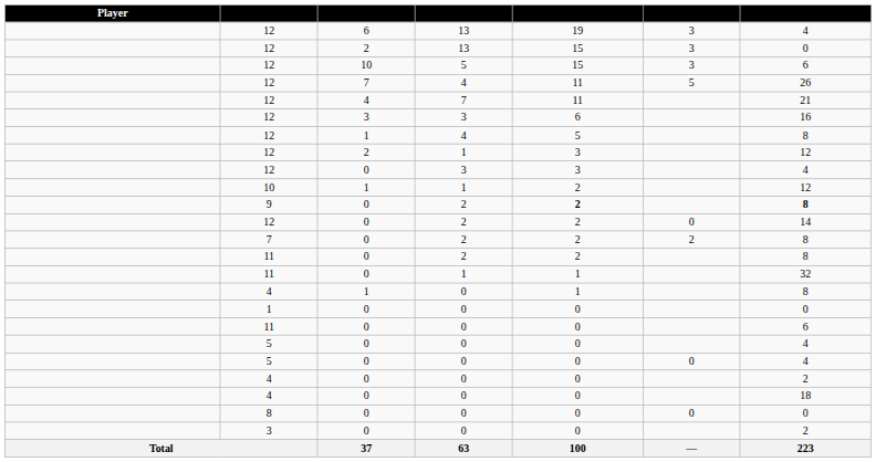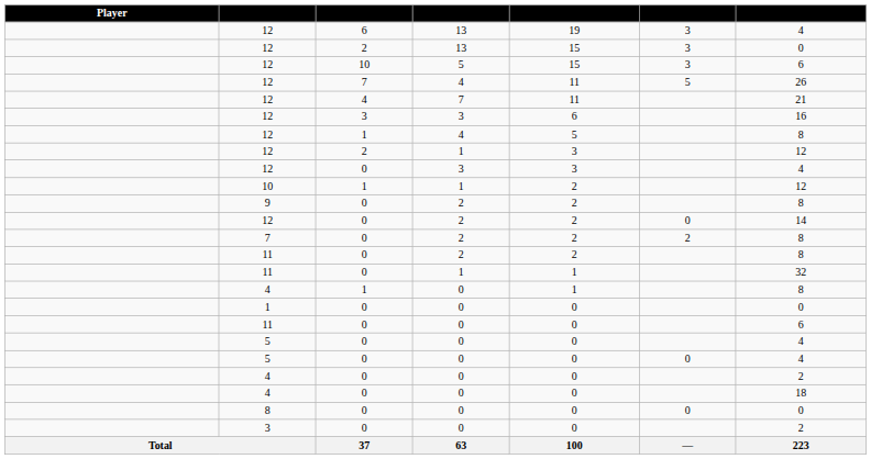 <table class="wikitable sortable" style="width:100%; text-align:center;">
 <tr>
 <th style="color:white; background:#000000; ">Player</th>
 <th style="color:white; background:#000000; "></th>
 <th style="color:white; background:#000000; "></th>
 <th style="color:white; background:#000000; "></th>
 <th style="color:white; background:#000000; "></th>
 <th style="color:white; background:#000000; "></th>
 <th style="color:white; background:#000000; "></th>
 </tr>
 <tr>
 <td></td>
 <td>12</td>
 <td>6</td>
 <td>13</td>
 <td>19</td>
 <td>3</td>
 <td>4</td>
 </tr>
 <tr>
 <td></td>
 <td>12</td>
 <td>2</td>
 <td>13</td>
 <td>15</td>
 <td>3</td>
 <td>0</td>
 </tr>
 <tr>
 <td></td>
 <td>12</td>
 <td>10</td>
 <td>5</td>
 <td>15</td>
 <td>3</td>
 <td>6</td>
 </tr>
 <tr>
 <td></td>
 <td>12</td>
 <td>7</td>
 <td>4</td>
 <td>11</td>
 <td>5</td>
 <td>26</td>
 </tr>
 <tr>
 <td></td>
 <td>12</td>
 <td>4</td>
 <td>7</td>
 <td>11</td>
 <td></td>
 <td>21</td>
 </tr>
 <tr>
 <td></td>
 <td>12</td>
 <td>3</td>
 <td>3</td>
 <td>6</td>
 <td></td>
 <td>16</td>
 </tr>
 <tr>
 <td></td>
 <td>12</td>
 <td>1</td>
 <td>4</td>
 <td>5</td>
 <td></td>
 <td>8</td>
 </tr>
 <tr>
 <td></td>
 <td>12</td>
 <td>2</td>
 <td>1</td>
 <td>3</td>
 <td></td>
 <td>12</td>
 </tr>
 <tr>
 <td></td>
 <td>12</td>
 <td>0</td>
 <td>3</td>
 <td>3</td>
 <td></td>
 <td>4</td>
 </tr>
 <tr>
 <td></td>
 <td>10</td>
 <td>1</td>
 <td>1</td>
 <td>2</td>
 <td></td>
 <td>12</td>
 </tr>
 <tr>
 <td></td>
 <td>9</td>
 <td>0</td>
 <td>2</td>
-<td><strong>2</strong></td>
+<td>2</td>
 <td></td>
-<td><strong>8</strong></td>
+<td>8</td>
 </tr>
 <tr>
 <td></td>
 <td>12</td>
 <td>0</td>
 <td>2</td>
 <td>2</td>
 <td>0</td>
 <td>14</td>
 </tr>
 <tr>
 <td></td>
 <td>7</td>
 <td>0</td>
 <td>2</td>
 <td>2</td>
 <td>2</td>
 <td>8</td>
 </tr>
 <tr>
 <td></td>
 <td>11</td>
 <td>0</td>
 <td>2</td>
 <td>2</td>
 <td></td>
 <td>8</td>
 </tr>
 <tr>
 <td></td>
 <td>11</td>
 <td>0</td>
 <td>1</td>
 <td>1</td>
 <td></td>
 <td>32</td>
 </tr>
 <tr>
 <td></td>
 <td>4</td>
 <td>1</td>
 <td>0</td>
 <td>1</td>
 <td></td>
 <td>8</td>
 </tr>
 <tr>
 <td></td>
 <td>1</td>
 <td>0</td>
 <td>0</td>
 <td>0</td>
 <td></td>
 <td>0</td>
 </tr>
 <tr>
 <td></td>
 <td>11</td>
 <td>0</td>
 <td>0</td>
 <td>0</td>
 <td></td>
 <td>6</td>
 </tr>
 <tr>
 <td></td>
 <td>5</td>
 <td>0</td>
 <td>0</td>
 <td>0</td>
 <td></td>
 <td>4</td>
 </tr>
 <tr>
 <td></td>
 <td>5</td>
 <td>0</td>
 <td>0</td>
 <td>0</td>
 <td>0</td>
 <td>4</td>
 </tr>
 <tr>
 <td></td>
 <td>4</td>
 <td>0</td>
 <td>0</td>
 <td>0</td>
 <td></td>
 <td>2</td>
 </tr>
 <tr>
 <td></td>
 <td>4</td>
 <td>0</td>
 <td>0</td>
 <td>0</td>
 <td></td>
 <td>18</td>
 </tr>
 <tr>
 <td></td>
 <td>8</td>
 <td>0</td>
 <td>0</td>
 <td>0</td>
 <td>0</td>
 <td>0</td>
 </tr>
 <tr>
 <td></td>
 <td>3</td>
 <td>0</td>
 <td>0</td>
 <td>0</td>
 <td></td>
 <td>2</td>
 </tr>
 <tr class="sortbotom">
 <th colspan=2>Total</th>
 <th>37</th>
 <th>63</th>
 <th>100</th>
 <th>—</th>
 <th>223</th>
 </tr>
 </table>
